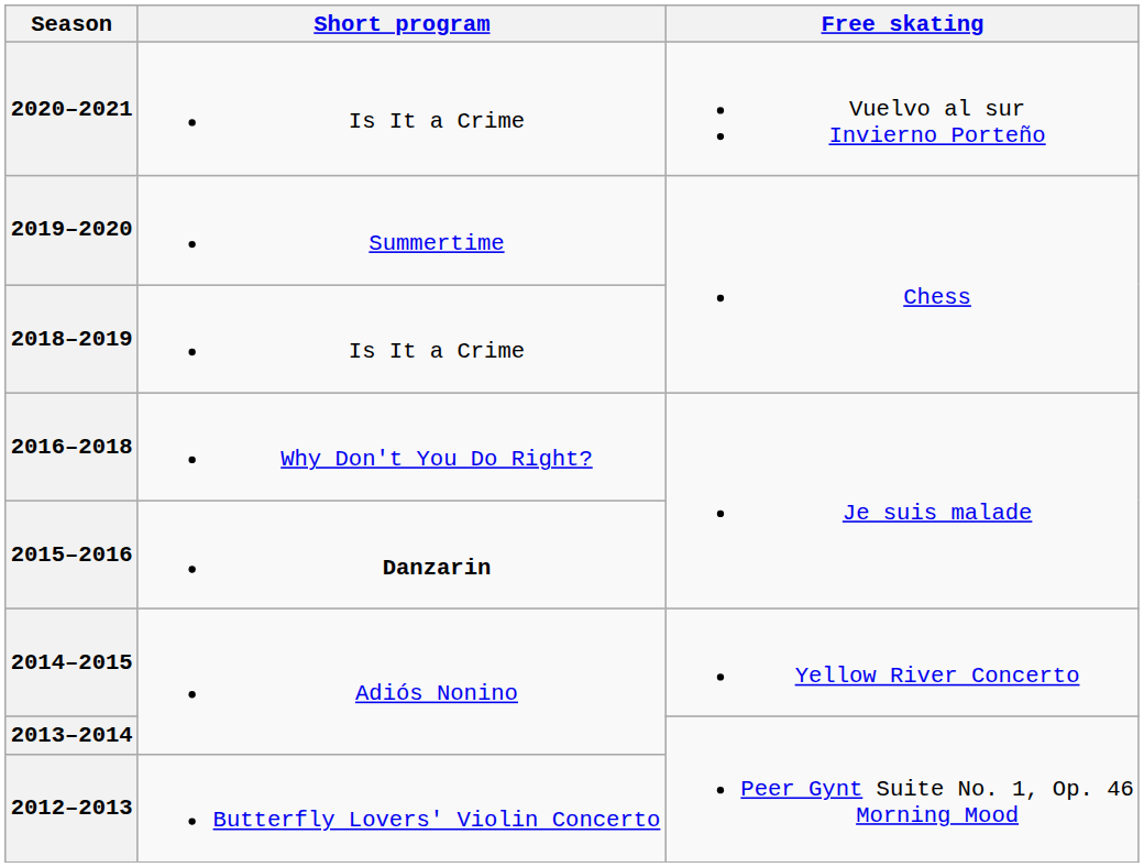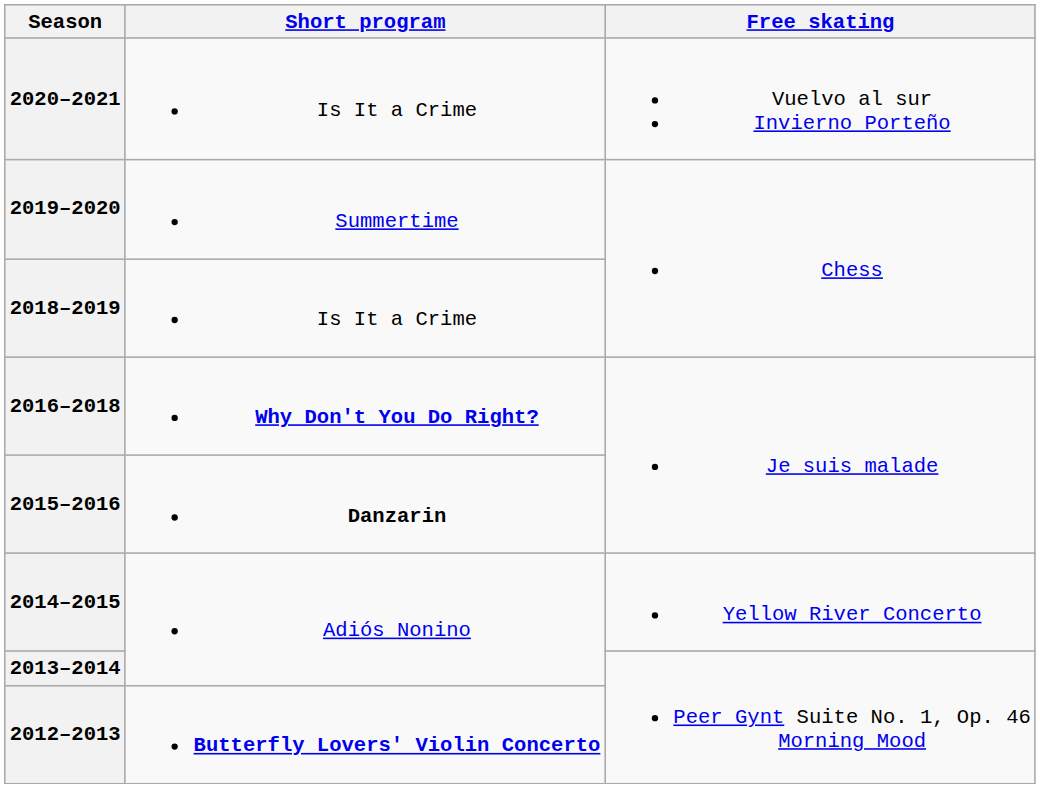 <table class=wikitable style=text-align:center>
 <tr>
 <th>Season</th>
 <th><a href='#'>Short program</a></th>
 <th><a href='#'>Free skating</a></th>
 </tr>
 <tr>
 <th>2020–2021 <br> </th>
 <td><br><ul><li>Is It a Crime <br> </li></ul></td>
 <td><br><ul><li>Vuelvo al sur</li><li><a href='#'>Invierno Porteño</a> <br> </li></ul></td>
 </tr>
 <tr>
 <th>2019–2020 <br> </th>
 <td><br><ul><li><a href='#'>Summertime</a> <br> </li></ul></td>
 <td rowspan=2><br><ul><li><a href='#'>Chess</a> <br> </li></ul></td>
 </tr>
 <tr>
 <th>2018–2019 <br> </th>
 <td><br><ul><li>Is It a Crime <br> </li></ul></td>
 </tr>
 <tr>
 <th>2016–2018 <br> </th>
-<td><br><ul><li><a href='#'>Why Don't You Do Right?</a></li></ul></td>
+<td><strong><br><ul><li><a href='#'>Why Don't You Do Right?</a></li></ul></strong></td>
 <td rowspan=2><br><ul><li><a href='#'>Je suis malade</a> <br></li></ul></td>
 </tr>
 <tr>
 <th>2015–2016 <br> </th>
 <td><strong><br><ul><li>Danzarin <br></li></ul></strong></td>
 </tr>
 <tr>
 <th>2014–2015 <br> </th>
 <td rowspan=2><br><ul><li><a href='#'>Adiós Nonino</a> <br></li></ul></td>
 <td><br><ul><li><a href='#'>Yellow River Concerto</a></li></ul></td>
 </tr>
 <tr>
 <th>2013–2014 <br> </th>
 <td rowspan=2><br><ul><li><a href='#'>Peer Gynt</a> Suite No. 1, Op. 46 <br> <a href='#'>Morning Mood</a> <br></li></ul></td>
 </tr>
 <tr>
 <th>2012–2013 <br> </th>
-<td><br><ul><li><a href='#'>Butterfly Lovers' Violin Concerto</a> <br></li></ul></td>
+<td><strong><br><ul><li><a href='#'>Butterfly Lovers' Violin Concerto</a> <br></li></ul></strong></td>
 </tr>
 </table>
